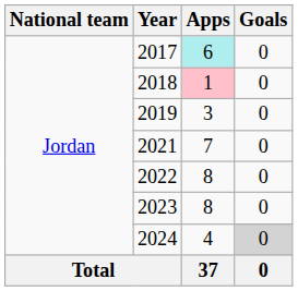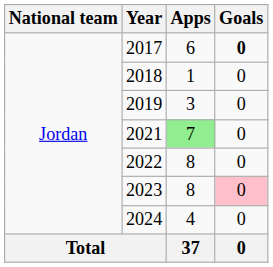 <table class="wikitable" style="text-align: center;">
 <tr>
 <th>National team</th>
 <th>Year</th>
 <th>Apps</th>
 <th>Goals</th>
 </tr>
 <tr>
 <td rowspan="7"><a href='#'>Jordan</a></td>
 <td>2017</td>
-<td style="background: paleturquoise;">6</td>
-<td>0</td>
+<td>6</td>
+<td><strong>0</strong></td>
 </tr>
 <tr>
 <td>2018</td>
-<td style="background: pink;">1</td>
+<td>1</td>
 <td>0</td>
 </tr>
 <tr>
 <td>2019</td>
 <td>3</td>
 <td>0</td>
 </tr>
 <tr>
 <td>2021</td>
-<td>7</td>
+<td style="background: lightgreen;">7</td>
 <td>0</td>
 </tr>
 <tr>
 <td>2022</td>
 <td>8</td>
 <td>0</td>
 </tr>
 <tr>
 <td>2023</td>
 <td>8</td>
-<td>0</td>
+<td style="background: pink;">0</td>
 </tr>
 <tr>
 <td>2024</td>
 <td>4</td>
-<td style="background: lightgrey;">0</td>
+<td>0</td>
 </tr>
 <tr>
 <th colspan="2">Total</th>
 <th>37</th>
 <th>0</th>
 </tr>
 </table>
